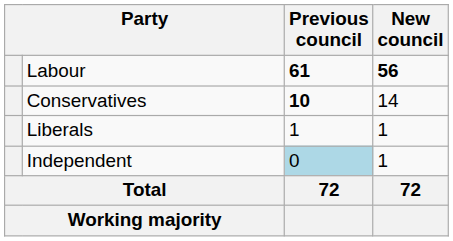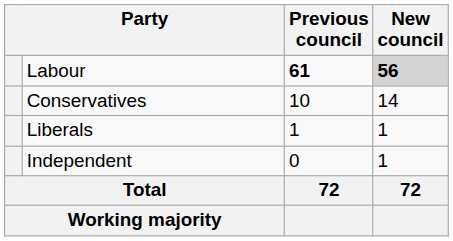 <table class="wikitable">
 <tr>
 <th valign=top colspan="2" style="width: 230px">Party</th>
 <th valign=top style="width: 30px">Previous council</th>
 <th valign=top style="width: 30px">New council</th>
 </tr>
 <tr>
 <th style="background-color: "></th>
 <td>Labour</td>
 <td><strong>61</strong></td>
-<td><strong>56</strong></td>
+<td style="background: lightgrey;"><strong>56</strong></td>
 </tr>
 <tr>
 <th style="background-color: "></th>
 <td>Conservatives</td>
-<td><strong>10</strong></td>
+<td>10</td>
 <td>14</td>
 </tr>
 <tr>
 <th style="background-color: "></th>
 <td>Liberals</td>
 <td>1</td>
 <td>1</td>
 </tr>
 <tr>
 <th style="background-color: "></th>
 <td>Independent</td>
-<td style="background: lightblue;">0</td>
+<td>0</td>
 <td>1</td>
 </tr>
 <tr>
 <th colspan=2>Total</th>
 <th style="text-align: center">72</th>
 <th colspan=3>72</th>
 </tr>
 <tr>
 <th colspan=2>Working majority</th>
 <th></th>
 <th></th>
 </tr>
 </table>
